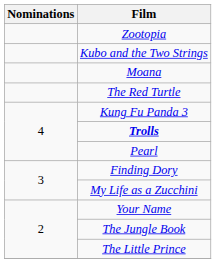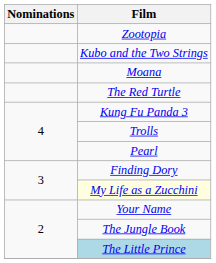 <table class="wikitable" style="text-align: center">
 <tr>
 <th scope="col" width="55">Nominations</th>
 <th scope="col" align="center">Film</th>
 </tr>
 <tr>
 <td></td>
 <td><em><a href='#'>Zootopia</a></em></td>
 </tr>
 <tr>
 <td></td>
 <td><em><a href='#'>Kubo and the Two Strings</a></em></td>
 </tr>
 <tr>
 <td></td>
 <td><em><a href='#'>Moana</a></em></td>
 </tr>
 <tr>
 <td></td>
 <td><em><a href='#'>The Red Turtle</a></em></td>
 </tr>
 <tr>
 <td rowspan=3 style="text-align:center">4</td>
 <td><em><a href='#'>Kung Fu Panda 3</a></em></td>
 </tr>
 <tr>
-<td><strong><em><a href='#'>Trolls</a></em></strong></td>
+<td><em><a href='#'>Trolls</a></em></td>
 </tr>
 <tr>
 <td><em><a href='#'>Pearl</a></em></td>
 </tr>
 <tr>
 <td rowspan=2 style="text-align:center">3</td>
 <td><em><a href='#'>Finding Dory</a></em></td>
 </tr>
 <tr>
-<td><em><a href='#'>My Life as a Zucchini</a></em></td>
+<td style="background: lightyellow;"><em><a href='#'>My Life as a Zucchini</a></em></td>
 </tr>
 <tr>
 <td rowspan=3 style="text-align:center">2</td>
 <td><em><a href='#'>Your Name</a></em></td>
 </tr>
 <tr>
 <td><em><a href='#'>The Jungle Book</a></em></td>
 </tr>
 <tr>
-<td><em><a href='#'>The Little Prince</a></em></td>
+<td style="background: lightblue;"><em><a href='#'>The Little Prince</a></em></td>
 </tr>
 <tr>
 </tr>
 </table>
